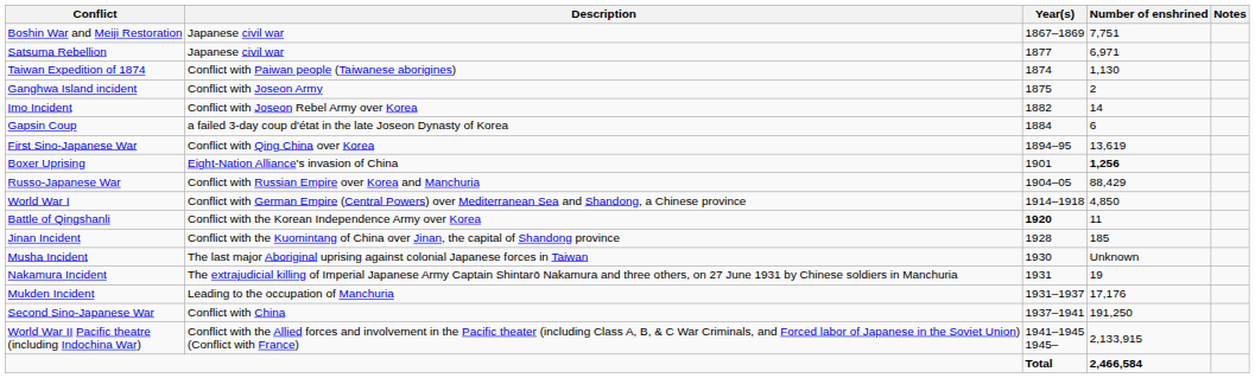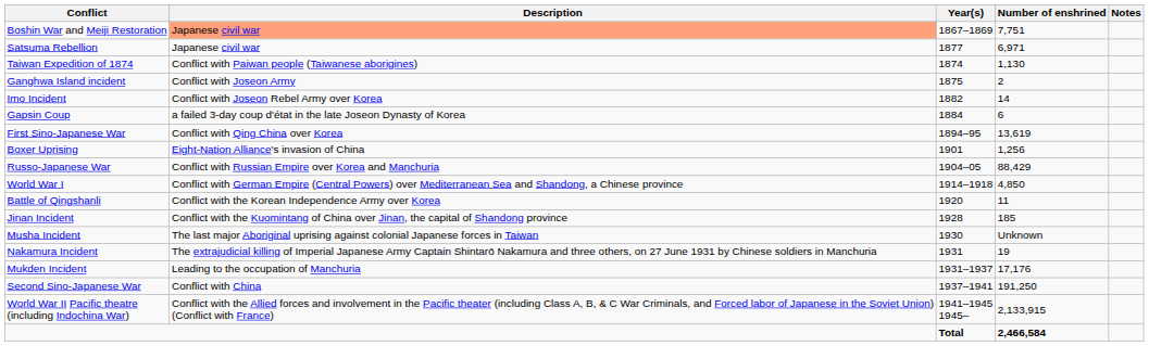 <table class="wikitable sortable">
 <tr>
 <th>Conflict</th>
 <th class="unsortable">Description</th>
 <th>Year(s)</th>
 <th>Number of enshrined</th>
 <th class="unsortable">Notes</th>
 </tr>
 <tr>
 <td><a href='#'>Boshin War</a> and <a href='#'>Meiji Restoration</a></td>
-<td>Japanese <a href='#'>civil war</a></td>
+<td style="background: lightsalmon;">Japanese <a href='#'>civil war</a></td>
 <td>1867–1869</td>
 <td>7,751</td>
 <td></td>
 </tr>
 <tr>
 <td><a href='#'>Satsuma Rebellion</a></td>
 <td>Japanese <a href='#'>civil war</a></td>
 <td>1877</td>
 <td>6,971</td>
 <td></td>
 </tr>
 <tr>
 <td><a href='#'>Taiwan Expedition of 1874</a></td>
 <td>Conflict with <a href='#'>Paiwan people</a> (<a href='#'>Taiwanese aborigines</a>)</td>
 <td>1874</td>
 <td>1,130</td>
 <td></td>
 </tr>
 <tr>
 <td><a href='#'>Ganghwa Island incident</a></td>
 <td>Conflict with <a href='#'>Joseon Army</a></td>
 <td>1875</td>
 <td>2</td>
 <td></td>
 </tr>
 <tr>
 <td><a href='#'>Imo Incident</a></td>
 <td>Conflict with <a href='#'>Joseon</a> Rebel Army over <a href='#'>Korea</a></td>
 <td>1882</td>
 <td>14</td>
 <td></td>
 </tr>
 <tr>
 <td><a href='#'>Gapsin Coup</a></td>
 <td>a failed 3-day coup d'état in the late Joseon Dynasty of Korea</td>
 <td>1884</td>
 <td>6</td>
 <td></td>
 </tr>
 <tr>
 <td><a href='#'>First Sino-Japanese War</a></td>
 <td>Conflict with <a href='#'>Qing China</a> over <a href='#'>Korea</a></td>
 <td>1894–95</td>
 <td>13,619</td>
 <td></td>
 </tr>
 <tr>
 <td><a href='#'>Boxer Uprising</a></td>
 <td><a href='#'>Eight-Nation Alliance</a>'s invasion of China</td>
 <td>1901</td>
-<td><strong>1,256</strong></td>
+<td>1,256</td>
 <td></td>
 </tr>
 <tr>
 <td><a href='#'>Russo-Japanese War</a></td>
 <td>Conflict with <a href='#'>Russian Empire</a> over <a href='#'>Korea</a> and <a href='#'>Manchuria</a></td>
 <td>1904–05</td>
 <td>88,429</td>
 <td></td>
 </tr>
 <tr>
 <td><a href='#'>World War I</a></td>
 <td>Conflict with <a href='#'>German Empire</a> (<a href='#'>Central Powers</a>) over <a href='#'>Mediterranean Sea</a> and <a href='#'>Shandong</a>, a Chinese province</td>
 <td>1914–1918</td>
 <td>4,850</td>
 <td></td>
 </tr>
 <tr>
 <td><a href='#'>Battle of Qingshanli</a></td>
 <td>Conflict with the Korean Independence Army over <a href='#'>Korea</a></td>
-<td><strong>1920</strong></td>
+<td>1920</td>
 <td>11</td>
 <td></td>
 </tr>
 <tr>
 <td><a href='#'>Jinan Incident</a></td>
 <td>Conflict with the <a href='#'>Kuomintang</a> of China over <a href='#'>Jinan</a>, the capital of <a href='#'>Shandong</a> province</td>
 <td>1928</td>
 <td>185</td>
 <td></td>
 </tr>
 <tr>
 <td><a href='#'>Musha Incident</a></td>
 <td>The last major <a href='#'>Aboriginal</a> uprising against colonial Japanese forces in <a href='#'>Taiwan</a></td>
 <td>1930</td>
 <td>Unknown</td>
 <td></td>
 </tr>
 <tr>
 <td><a href='#'>Nakamura Incident</a></td>
 <td>The <a href='#'>extrajudicial killing</a> of Imperial Japanese Army Captain Shintarō Nakamura and three others, on 27 June 1931 by Chinese soldiers in Manchuria</td>
 <td>1931</td>
 <td>19</td>
 <td></td>
 </tr>
 <tr>
 <td><a href='#'>Mukden Incident</a></td>
 <td>Leading to the occupation of <a href='#'>Manchuria</a></td>
 <td>1931–1937</td>
 <td>17,176</td>
 <td></td>
 </tr>
 <tr>
 <td><a href='#'>Second Sino-Japanese War</a></td>
 <td>Conflict with <a href='#'>China</a></td>
 <td>1937–1941</td>
 <td>191,250</td>
 <td></td>
 </tr>
 <tr>
 <td><a href='#'>World War II</a> <a href='#'>Pacific theatre</a> <br>(including <a href='#'>Indochina War</a>)</td>
 <td>Conflict with the <a href='#'>Allied</a> forces and involvement in the <a href='#'>Pacific theater</a> (including Class A, B, & C War Criminals, and <a href='#'>Forced labor of Japanese in the Soviet Union</a>)<br>(Conflict with <a href='#'>France</a>)</td>
 <td>1941–1945<br>1945–</td>
 <td>2,133,915</td>
 <td></td>
 </tr>
 <tr class="sortbottom">
 <td colspan="2"> </td>
 <td><strong>Total</strong></td>
 <td><strong>2,466,584</strong></td>
 <td></td>
 </tr>
 </table>
